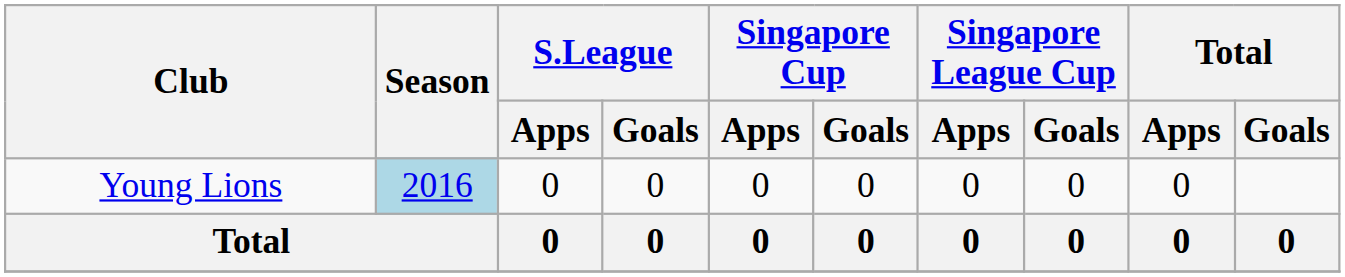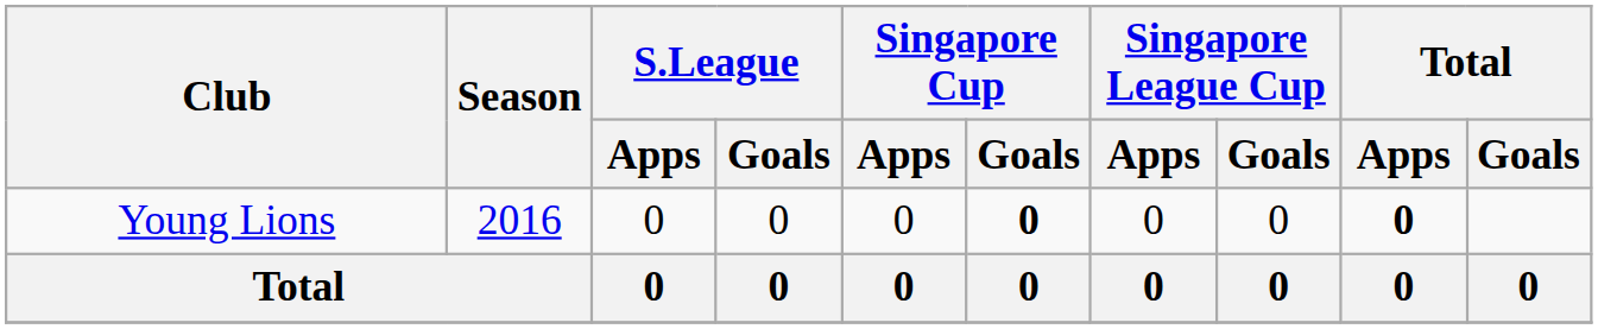 <table class="wikitable" style="text-align:center">
 <tr>
 <th rowspan=2 width=160>Club</th>
 <th rowspan=2>Season</th>
 <th colspan=2><a href='#'>S.League</a></th>
 <th colspan=2><a href='#'>Singapore Cup</a></th>
 <th colspan=2><a href='#'>Singapore<br>League Cup</a></th>
 <th colspan=2>Total</th>
 </tr>
 <tr>
 <th width=40>Apps</th>
 <th width=40>Goals</th>
 <th width=40>Apps</th>
 <th width=40>Goals</th>
 <th width=40>Apps</th>
 <th width=40>Goals</th>
 <th width=40>Apps</th>
 <th width=40>Goals</th>
 </tr>
 <tr>
 <td><a href='#'>Young Lions</a></td>
-<td style="background: lightblue;"><a href='#'>2016</a></td>
+<td><a href='#'>2016</a></td>
 <td>0</td>
 <td 0>0</td>
 <td>0</td>
+<td><strong>0</strong></td>
 <td>0</td>
 <td>0</td>
-<td>0</td>
-<td>0</td>
+<td><strong>0</strong></td>
 </tr>
 <tr>
 <th colspan=2>Total</th>
 <th>0</th>
 <th>0</th>
 <th>0</th>
 <th>0</th>
 <th>0</th>
 <th>0</th>
 <th>0</th>
 <th>0</th>
 </tr>
 <tr>
 </tr>
 </table>
